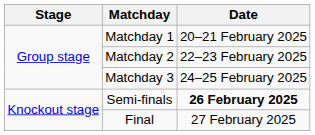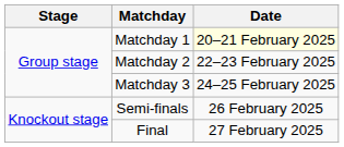 <table class="wikitable" style="text-align:center">
 <tr>
 <th>Stage</th>
 <th>Matchday</th>
 <th>Date</th>
 </tr>
 <tr>
 <td rowspan="3"><a href='#'>Group stage</a></td>
 <td>Matchday 1</td>
-<td>20–21 February 2025</td>
+<td style="background: lightyellow;">20–21 February 2025</td>
 </tr>
 <tr>
 <td>Matchday 2</td>
 <td>22–23 February 2025</td>
 </tr>
 <tr>
 <td>Matchday 3</td>
 <td>24–25 February 2025</td>
 </tr>
 <tr>
 <td rowspan="2"><a href='#'>Knockout stage</a></td>
 <td>Semi-finals</td>
-<td><strong>26 February 2025</strong></td>
+<td>26 February 2025</td>
 </tr>
 <tr>
 <td>Final</td>
 <td>27 February 2025</td>
 </tr>
 </table>
